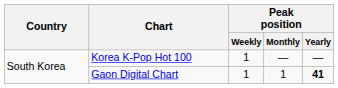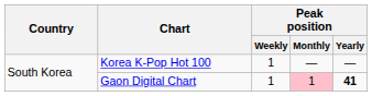 <table class="wikitable" style="width: 500px;">
 <tr>
 <th rowspan="2">Country</th>
 <th rowspan="2">Chart</th>
 <th colspan="3">Peak<br>position</th>
 </tr>
 <tr>
 <th style="width:2.5em;"><small>Weekly</small></th>
 <th style="width:2.5em;"><small>Monthly</small></th>
 <th style="width:2.5em;"><small>Yearly</small></th>
 </tr>
 <tr>
 <td rowspan="2">South Korea</td>
 <td><a href='#'>Korea K-Pop Hot 100</a></td>
 <td align="center">1</td>
 <td align="center">—</td>
 <td align="center">—</td>
 </tr>
 <tr>
 <td><a href='#'>Gaon Digital Chart</a></td>
 <td align="center">1</td>
-<td align="center">1</td>
+<td align="center" style="background: pink;">1</td>
 <td align="center"><strong>41</strong></td>
 </tr>
 </table>
